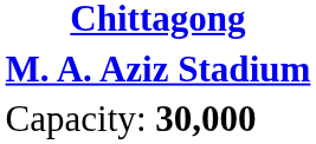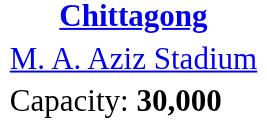 <table style="margin:1em auto;" wikitable>
 <tr>
 <th><a href='#'>Chittagong</a></th>
 </tr>
 <tr>
-<td><strong><a href='#'>M. A. Aziz Stadium</a></strong></td>
+<td><a href='#'>M. A. Aziz Stadium</a></td>
 </tr>
 <tr>
 <td>Capacity: <strong>30,000</strong></td>
 </tr>
 </table>
